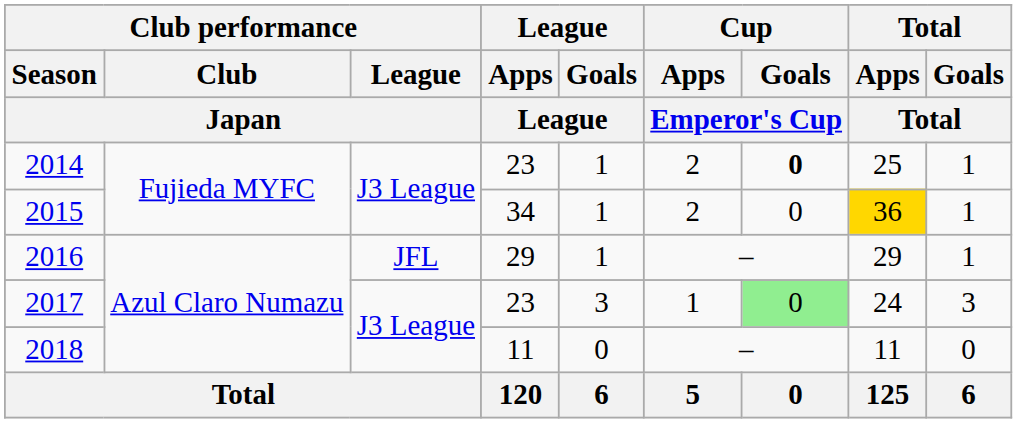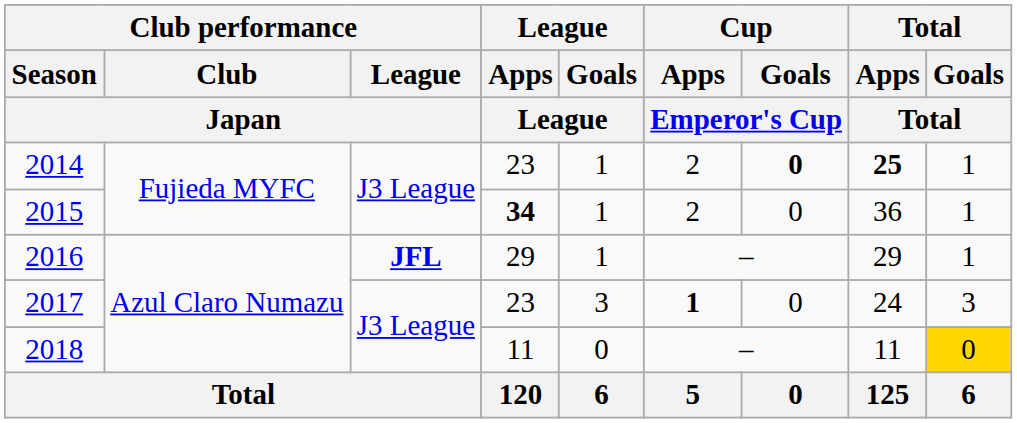 <table class="wikitable" style="text-align:center;">
 <tr>
 <th colspan=3>Club performance</th>
 <th colspan=2>League</th>
 <th colspan=2>Cup</th>
 <th colspan=2>Total</th>
 </tr>
 <tr>
 <th>Season</th>
 <th>Club</th>
 <th>League</th>
 <th>Apps</th>
 <th>Goals</th>
 <th>Apps</th>
 <th>Goals</th>
 <th>Apps</th>
 <th>Goals</th>
 </tr>
 <tr>
 <th colspan=3>Japan</th>
 <th colspan=2>League</th>
 <th colspan=2><a href='#'>Emperor's Cup</a></th>
 <th colspan=2>Total</th>
 </tr>
 <tr>
 <td><a href='#'>2014</a></td>
 <td rowspan="2"><a href='#'>Fujieda MYFC</a></td>
 <td rowspan="2"><a href='#'>J3 League</a></td>
 <td>23</td>
 <td>1</td>
 <td>2</td>
 <td><strong>0</strong></td>
-<td>25</td>
+<td><strong>25</strong></td>
 <td>1</td>
 </tr>
 <tr>
 <td><a href='#'>2015</a></td>
-<td>34</td>
+<td><strong>34</strong></td>
 <td>1</td>
 <td>2</td>
 <td>0</td>
-<td style="background: gold;">36</td>
+<td>36</td>
 <td>1</td>
 </tr>
 <tr>
 <td><a href='#'>2016</a></td>
 <td rowspan="3"><a href='#'>Azul Claro Numazu</a></td>
-<td rowspan="1"><a href='#'>JFL</a></td>
+<td rowspan="1"><strong><a href='#'>JFL</a></strong></td>
 <td>29</td>
 <td>1</td>
 <td colspan="2">–</td>
 <td>29</td>
 <td>1</td>
 </tr>
 <tr>
 <td><a href='#'>2017</a></td>
 <td rowspan="2"><a href='#'>J3 League</a></td>
 <td>23</td>
 <td>3</td>
-<td>1</td>
-<td style="background: lightgreen;">0</td>
+<td><strong>1</strong></td>
+<td>0</td>
 <td>24</td>
 <td>3</td>
 </tr>
 <tr>
 <td><a href='#'>2018</a></td>
 <td>11</td>
 <td>0</td>
 <td colspan="2">–</td>
 <td>11</td>
-<td>0</td>
+<td style="background: gold;">0</td>
 </tr>
 <tr>
 <th colspan=3>Total</th>
 <th>120</th>
 <th>6</th>
 <th>5</th>
 <th>0</th>
 <th>125</th>
 <th>6</th>
 </tr>
 </table>
